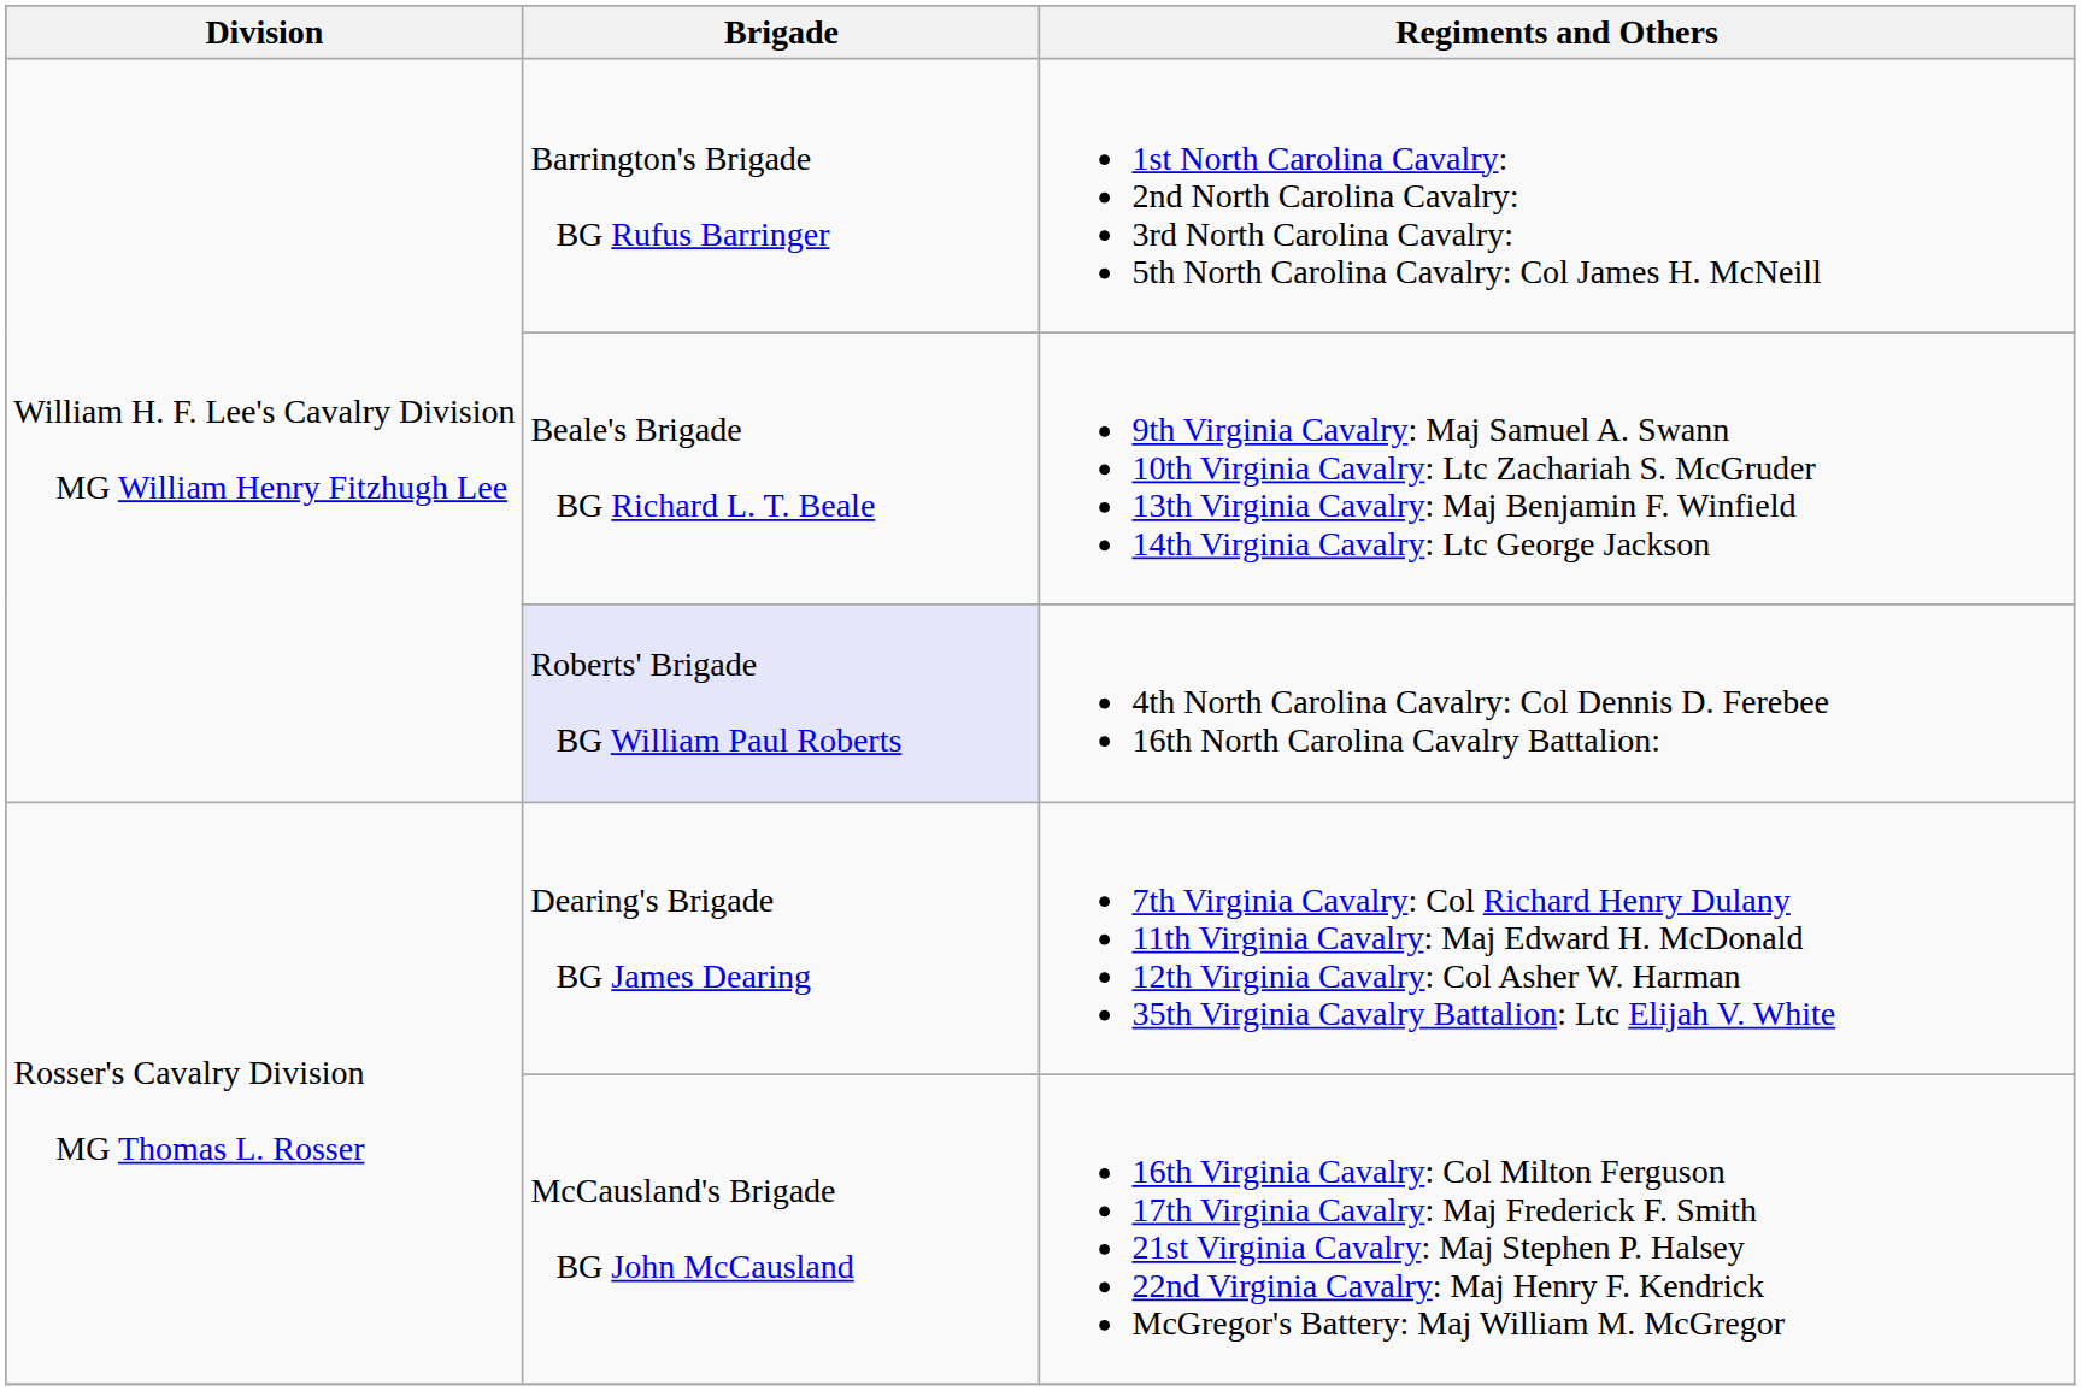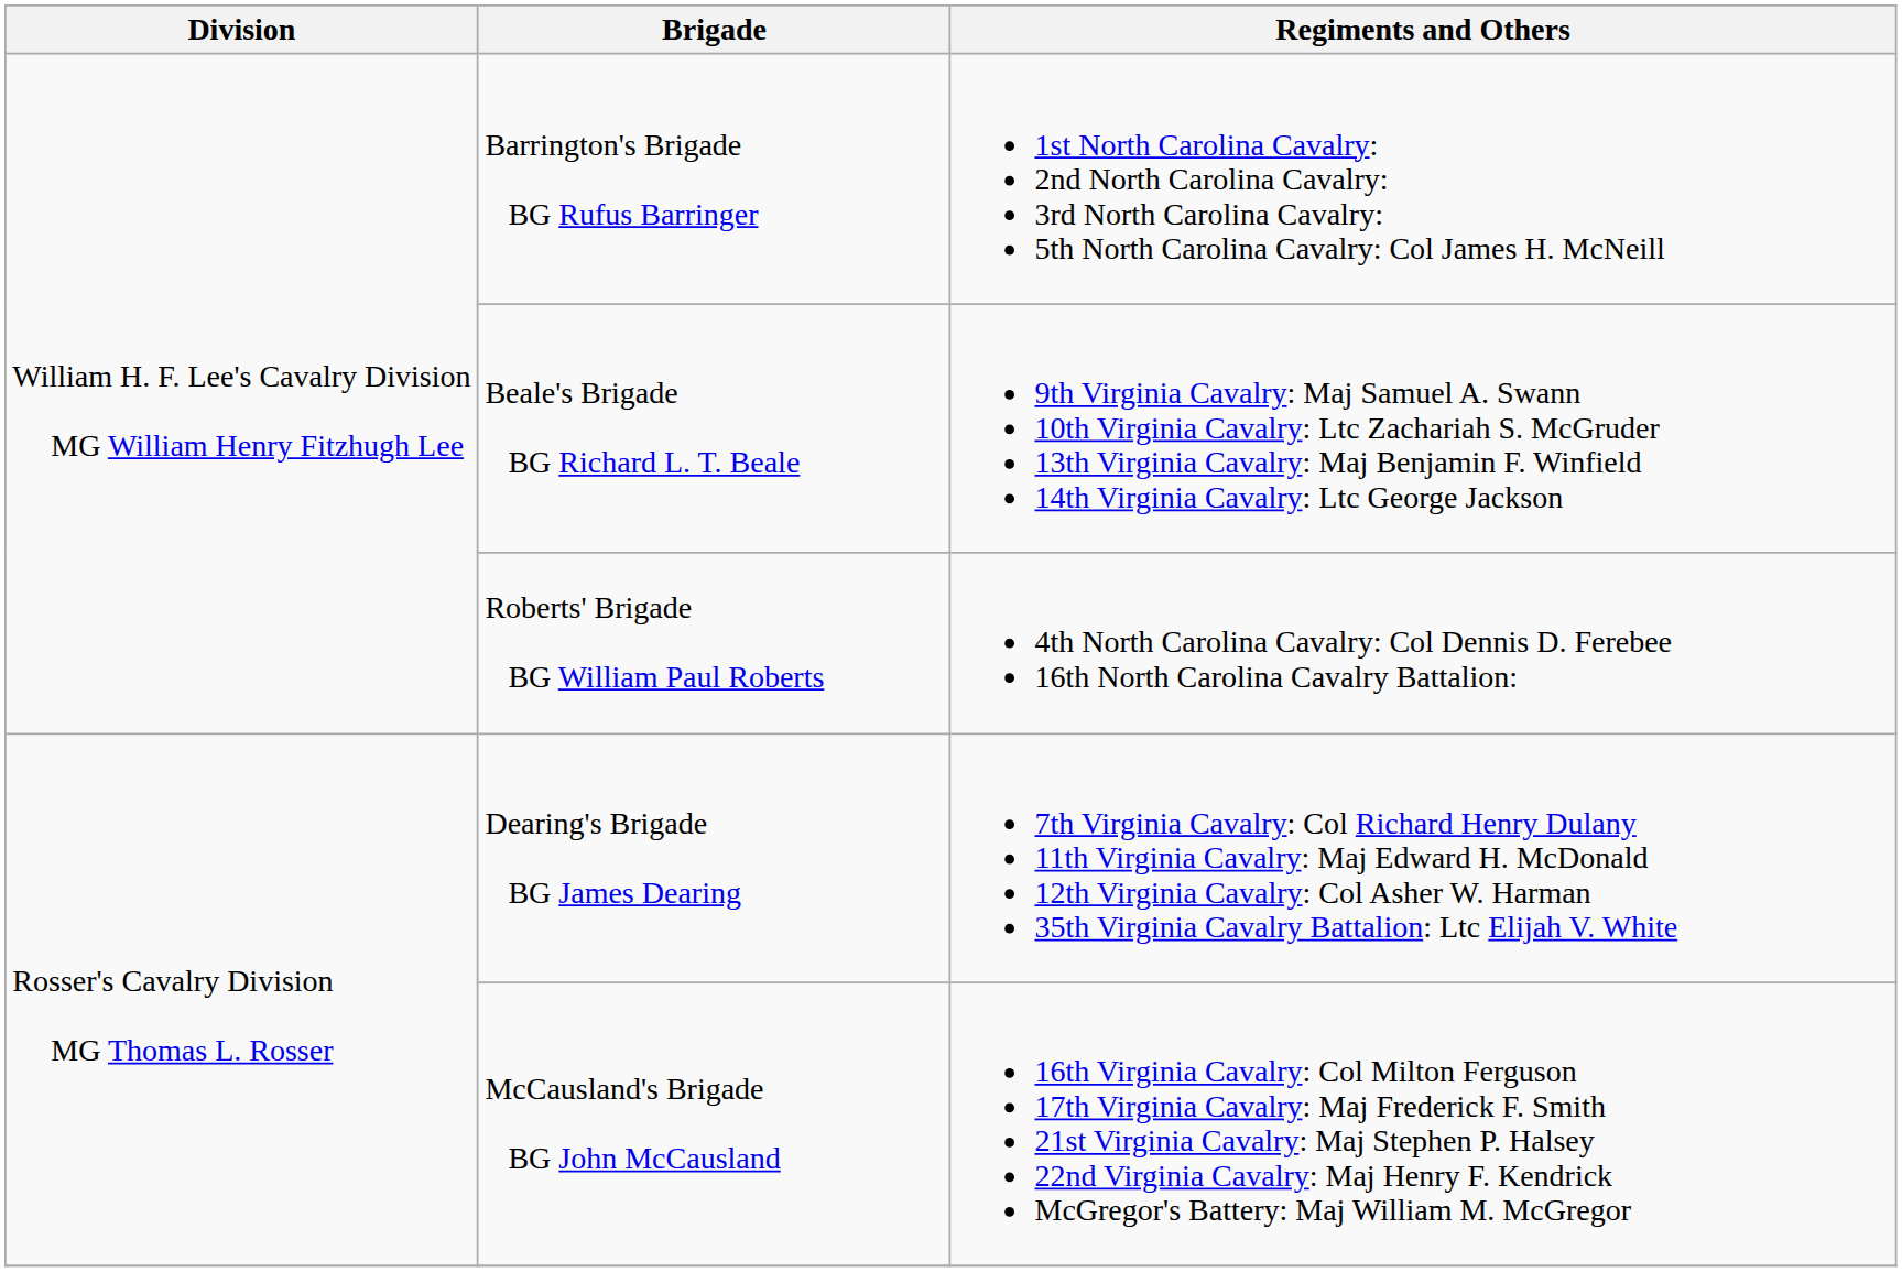 <table class="wikitable">
 <tr>
 <th width=25%>Division</th>
 <th width=25%>Brigade</th>
 <th>Regiments and Others</th>
 </tr>
 <tr>
 <td rowspan=3><br>William H. F. Lee's Cavalry Division<br><br>     MG <a href='#'>William Henry Fitzhugh Lee</a> <br></td>
 <td>Barrington's Brigade<br><br>   BG <a href='#'>Rufus Barringer</a></td>
 <td><br><ul><li><a href='#'>1st North Carolina Cavalry</a>:</li><li>2nd North Carolina Cavalry:</li><li>3rd North Carolina Cavalry:</li><li>5th North Carolina Cavalry: Col James H. McNeill</li></ul></td>
 </tr>
 <tr>
 <td>Beale's Brigade<br><br>   BG <a href='#'>Richard L. T. Beale</a></td>
 <td><br><ul><li><a href='#'>9th Virginia Cavalry</a>: Maj Samuel A. Swann</li><li><a href='#'>10th Virginia Cavalry</a>: Ltc Zachariah S. McGruder</li><li><a href='#'>13th Virginia Cavalry</a>: Maj Benjamin F. Winfield</li><li><a href='#'>14th Virginia Cavalry</a>: Ltc George Jackson</li></ul></td>
 </tr>
 <tr>
-<td style="background: lavender;">Roberts' Brigade<br><br>   BG <a href='#'>William Paul Roberts</a></td>
+<td>Roberts' Brigade<br><br>   BG <a href='#'>William Paul Roberts</a></td>
 <td><br><ul><li>4th North Carolina Cavalry: Col Dennis D. Ferebee</li><li>16th North Carolina Cavalry Battalion:</li></ul></td>
 </tr>
 <tr>
 <td rowspan=2><br>Rosser's Cavalry Division<br><br>     MG <a href='#'>Thomas L. Rosser</a></td>
 <td>Dearing's Brigade<br><br>   BG <a href='#'>James Dearing</a></td>
 <td><br><ul><li><a href='#'>7th Virginia Cavalry</a>: Col <a href='#'>Richard Henry Dulany</a></li><li><a href='#'>11th Virginia Cavalry</a>: Maj Edward H. McDonald</li><li><a href='#'>12th Virginia Cavalry</a>: Col Asher W. Harman</li><li><a href='#'>35th Virginia Cavalry Battalion</a>: Ltc <a href='#'>Elijah V. White</a></li></ul></td>
 </tr>
 <tr>
 <td>McCausland's Brigade<br><br>   BG <a href='#'>John McCausland</a></td>
 <td><br><ul><li><a href='#'>16th Virginia Cavalry</a>: Col Milton Ferguson</li><li><a href='#'>17th Virginia Cavalry</a>: Maj Frederick F. Smith</li><li><a href='#'>21st Virginia Cavalry</a>: Maj Stephen P. Halsey</li><li><a href='#'>22nd Virginia Cavalry</a>: Maj Henry F. Kendrick</li><li>McGregor's Battery: Maj William M. McGregor</li></ul></td>
 </tr>
 <tr>
 </tr>
 </table>
